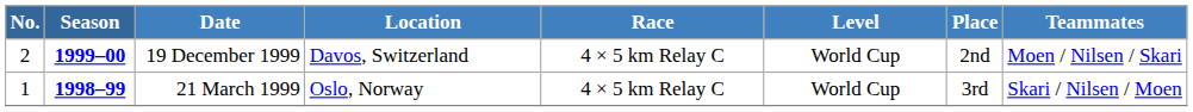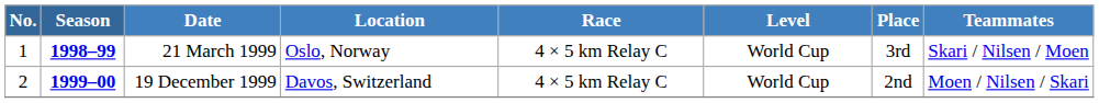 <table class="wikitable sortable" style="font-size:95%; text-align:center; border:grey solid 1px; border-collapse:collapse; background:#ffffff;">
 <tr style="background:#efefef;">
 <th style="background-color:#369; color:white;">No.</th>
 <th style="background-color:#369; color:white;">Season</th>
 <th style="background-color:#4180be; color:white; width:120px;">Date</th>
 <th style="background-color:#4180be; color:white; width:170px;">Location</th>
 <th style="background-color:#4180be; color:white; width:160px;">Race</th>
 <th style="background-color:#4180be; color:white; width:130px;">Level</th>
 <th style="background-color:#4180be; color:white;">Place</th>
 <th style="background-color:#4180be; color:white;">Teammates</th>
 </tr>
 <tr>
+<td align=center>1</td>
+<td rowspan=1 align=center><strong> <a href='#'>1998–99</a> </strong></td>
+<td align=right>21 March 1999</td>
+<td align=left> <a href='#'>Oslo</a>, Norway</td>
+<td>4 × 5 km Relay C</td>
+<td>World Cup</td>
+<td>3rd</td>
+<td><a href='#'>Skari</a> / <a href='#'>Nilsen</a> / <a href='#'>Moen</a></td>
+</tr>
+<tr>
 <td align=center>2</td>
 <td rowspan=1 align=center><strong> <a href='#'>1999–00</a> </strong></td>
 <td align=right>19 December 1999</td>
 <td align=left> <a href='#'>Davos</a>, Switzerland</td>
 <td>4 × 5 km Relay C</td>
 <td>World Cup</td>
 <td>2nd</td>
 <td><a href='#'>Moen</a> / <a href='#'>Nilsen</a> / <a href='#'>Skari</a></td>
 </tr>
 <tr>
-<td align=center>1</td>
-<td rowspan=1 align=center><strong> <a href='#'>1998–99</a> </strong></td>
-<td align=right>21 March 1999</td>
-<td align=left> <a href='#'>Oslo</a>, Norway</td>
-<td>4 × 5 km Relay C</td>
-<td>World Cup</td>
-<td>3rd</td>
-<td><a href='#'>Skari</a> / <a href='#'>Nilsen</a> / <a href='#'>Moen</a></td>
-</tr>
-<tr>
 </tr>
 </table>
